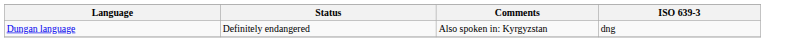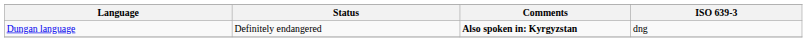 <table class="wikitable" align="center" style="font-size:90%">
 <tr>
 </tr>
 <tr>
 <th width="20%">Language</th>
 <th width="20%">Status</th>
 <th width="15%">Comments</th>
 <th width="15%">ISO 639-3</th>
 </tr>
 <tr>
 <td><a href='#'>Dungan language</a></td>
 <td>Definitely endangered</td>
-<td>Also spoken in: Kyrgyzstan</td>
+<td><strong>Also spoken in: Kyrgyzstan</strong></td>
 <td>dng</td>
 </tr>
 <tr>
 </tr>
 </table>
